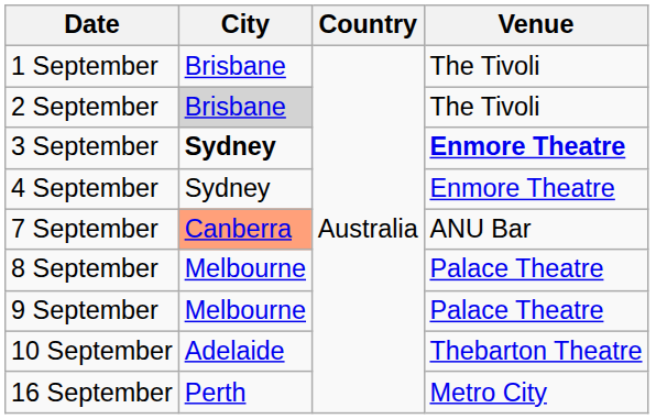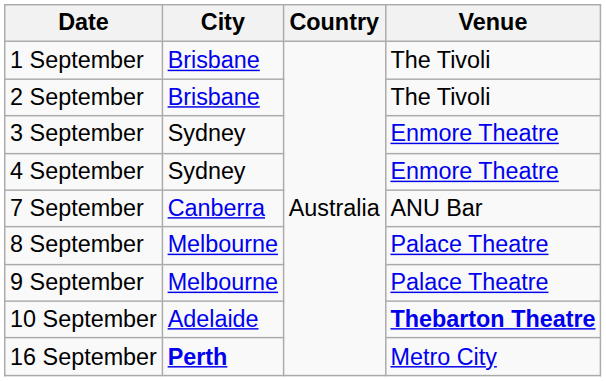 <table class="wikitable">
 <tr>
 <th>Date</th>
 <th>City</th>
 <th>Country</th>
 <th>Venue</th>
 </tr>
 <tr>
 <td>1 September</td>
 <td><a href='#'>Brisbane</a></td>
 <td rowspan="9" style="text-align:center;">Australia</td>
 <td>The Tivoli</td>
 </tr>
 <tr>
 <td>2 September</td>
-<td style="background: lightgrey;"><a href='#'>Brisbane</a></td>
+<td><a href='#'>Brisbane</a></td>
 <td>The Tivoli</td>
 </tr>
 <tr>
 <td>3 September</td>
-<td><strong>Sydney</strong></td>
-<td><strong><a href='#'>Enmore Theatre</a></strong></td>
+<td>Sydney</td>
+<td><a href='#'>Enmore Theatre</a></td>
 </tr>
 <tr>
 <td>4 September</td>
 <td>Sydney</td>
 <td><a href='#'>Enmore Theatre</a></td>
 </tr>
 <tr>
 <td>7 September</td>
-<td style="background: lightsalmon;"><a href='#'>Canberra</a></td>
+<td><a href='#'>Canberra</a></td>
 <td>ANU Bar</td>
 </tr>
 <tr>
 <td>8 September</td>
 <td><a href='#'>Melbourne</a></td>
 <td><a href='#'>Palace Theatre</a></td>
 </tr>
 <tr>
 <td>9 September</td>
 <td><a href='#'>Melbourne</a></td>
 <td><a href='#'>Palace Theatre</a></td>
 </tr>
 <tr>
 <td>10 September</td>
 <td><a href='#'>Adelaide</a></td>
-<td><a href='#'>Thebarton Theatre</a></td>
+<td><strong><a href='#'>Thebarton Theatre</a></strong></td>
 </tr>
 <tr>
 <td>16 September</td>
-<td><a href='#'>Perth</a></td>
+<td><strong><a href='#'>Perth</a></strong></td>
 <td><a href='#'>Metro City</a></td>
 </tr>
 </table>
